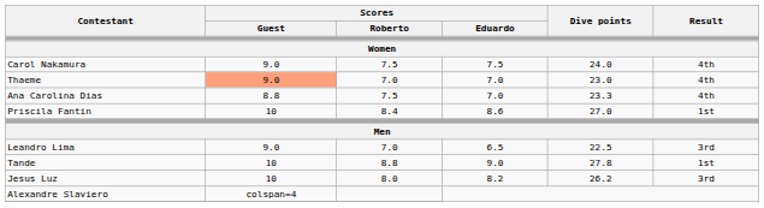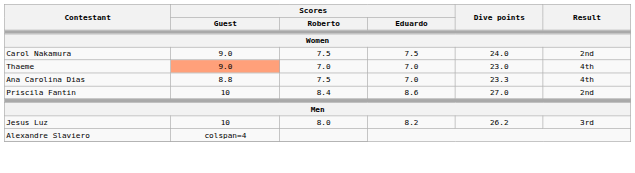 <table class="wikitable" style="text-align:center;  width:60%; font-size:90%;">
 <tr>
 <th rowspan="2" width=100>Contestant</th>
 <th colspan="3" width=150>Scores</th>
 <th rowspan="2" width=050>Dive points</th>
 <th rowspan="2" width=050>Result</th>
 </tr>
 <tr>
 <th width=50>Guest</th>
 <th width=50>Roberto</th>
 <th width=50>Eduardo</th>
 </tr>
 <tr>
 <td colspan=6 bgcolor="#A9A9A9"></td>
 </tr>
 <tr>
 <th colspan=6>Women</th>
 </tr>
 <tr>
 <td align="left">Carol Nakamura</td>
 <td>9.0</td>
 <td>7.5</td>
 <td>7.5</td>
 <td>24.0</td>
-<td>4th</td>
+<td>2nd</td>
 </tr>
 <tr>
 <td align="left">Thaeme</td>
 <td style="background: lightsalmon;">9.0</td>
 <td>7.0</td>
 <td>7.0</td>
 <td>23.0</td>
 <td>4th</td>
 </tr>
 <tr>
 <td align="left">Ana Carolina Dias</td>
 <td>8.8</td>
 <td>7.5</td>
 <td>7.0</td>
 <td>23.3</td>
 <td>4th</td>
 </tr>
 <tr>
 <td align="left">Priscila Fantin</td>
 <td>10</td>
 <td>8.4</td>
 <td>8.6</td>
 <td>27.0</td>
-<td>1st</td>
+<td>2nd</td>
 </tr>
 <tr>
 <td colspan=6 bgcolor="#A9A9A9"></td>
 </tr>
 <tr>
 <th colspan=6>Men</th>
-</tr>
-<tr>
-<td align="left">Leandro Lima</td>
-<td>9.0</td>
-<td>7.0</td>
-<td>6.5</td>
-<td>22.5</td>
-<td>3rd</td>
-</tr>
-<tr>
-<td align="left">Tande</td>
-<td>10</td>
-<td>8.8</td>
-<td>9.0</td>
-<td>27.8</td>
-<td>1st</td>
 </tr>
 <tr>
 <td align="left">Jesus Luz</td>
 <td>10</td>
 <td>8.0</td>
 <td>8.2</td>
 <td>26.2</td>
 <td>3rd</td>
 </tr>
 <tr>
 <td align="left">Alexandre Slaviero</td>
 <td>colspan=4 </td>
 <td></td>
 </tr>
 <tr>
 </tr>
 </table>
